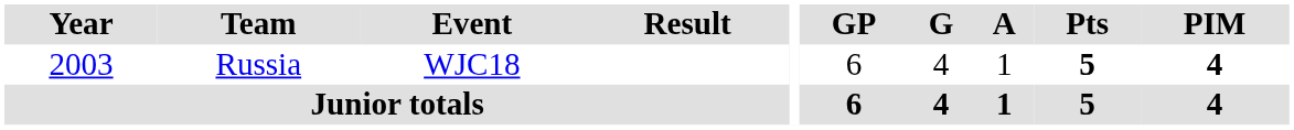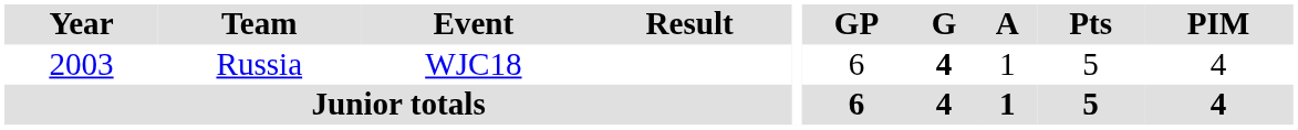 <table border=0 cellpadding=1 cellspacing=0 ID="Table3" style="text-align:center; width:40em">
 <tr ALIGN=center bgcolor="#e0e0e0">
 <th>Year</th>
 <th>Team</th>
 <th>Event</th>
 <th>Result</th>
 <th rowspan=99 bgcolor="#ffffff"></th>
 <th>GP</th>
 <th>G</th>
 <th>A</th>
 <th>Pts</th>
 <th>PIM</th>
 </tr>
 <tr>
 <td><a href='#'>2003</a></td>
 <td><a href='#'>Russia</a></td>
 <td><a href='#'>WJC18</a></td>
 <td></td>
 <td>6</td>
+<td><strong>4</strong></td>
+<td>1</td>
+<td>5</td>
 <td>4</td>
-<td>1</td>
-<td><strong>5</strong></td>
-<td><strong>4</strong></td>
 </tr>
 <tr bgcolor="#e0e0e0">
 <th colspan=4>Junior totals</th>
 <th>6</th>
 <th>4</th>
 <th>1</th>
 <th>5</th>
 <th>4</th>
 </tr>
 </table>
